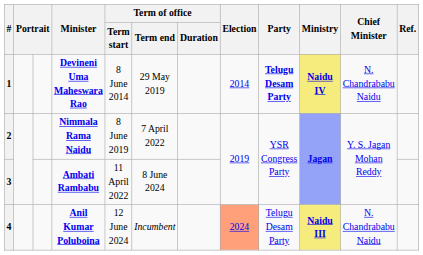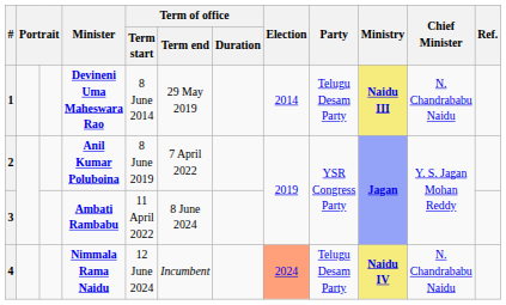 <table class="wikitable" style="line-height:1.4em; text-align:center">
 <tr>
 <th rowspan=2>#</th>
 <th rowspan=2 colspan="2">Portrait</th>
 <th rowspan=2 style="width:16em">Minister<br></th>
 <th colspan="3">Term of office</th>
 <th rowspan=2 style="width:5em">Election<br></th>
 <th rowspan=2 style="width:8em">Party</th>
 <th rowspan=2 style="width:8em">Ministry</th>
 <th rowspan=2 style="width:10em">Chief Minister</th>
 <th rowspan=2>Ref.</th>
 </tr>
 <tr>
 <th>Term start</th>
 <th>Term end</th>
 <th>Duration</th>
 </tr>
 <tr>
 <th>1</th>
 <td></td>
 <td></td>
 <td><strong><a href='#'>Devineni Uma Maheswara Rao</a></strong><br></td>
 <td>8 June 2014</td>
 <td>29 May 2019</td>
 <td><strong></strong></td>
 <td><a href='#'>2014</a><br></td>
-<td><strong><a href='#'>Telugu Desam Party</a></strong></td>
-<td bgcolor="#F5EC7D"><strong><a href='#'>Naidu IV</a></strong></td>
+<td><a href='#'>Telugu Desam Party</a></td>
+<td bgcolor="#F5EC7D"><strong><a href='#'>Naidu III</a></strong></td>
 <td><a href='#'>N. Chandrababu Naidu</a></td>
 <td></td>
 </tr>
 <tr>
 <th>2</th>
 <td rowspan=2></td>
 <td></td>
-<td><strong><a href='#'>Nimmala Rama Naidu</a></strong><br></td>
+<td><strong><a href='#'>Anil Kumar Poluboina</a></strong><br></td>
 <td>8 June 2019</td>
 <td>7 April 2022</td>
 <td><strong></strong></td>
 <td rowspan=2><a href='#'>2019</a><br></td>
 <td rowspan="2"><a href='#'>YSR Congress Party</a></td>
 <td rowspan=2 bgcolor="#94A2F7"><strong><a href='#'>Jagan</a></strong></td>
 <td rowspan="2"><a href='#'>Y. S. Jagan Mohan Reddy</a></td>
 <td></td>
 </tr>
 <tr>
 <th>3</th>
 <td></td>
 <td><strong><a href='#'>Ambati Rambabu</a></strong><br></td>
 <td>11 April 2022</td>
 <td>8 June 2024</td>
 <td><strong></strong></td>
 <td></td>
 </tr>
 <tr>
 <th>4</th>
 <td></td>
 <td></td>
-<td><strong><a href='#'>Anil Kumar Poluboina</a></strong><br></td>
+<td><strong><a href='#'>Nimmala Rama Naidu</a></strong><br></td>
 <td>12 June 2024</td>
 <td><em>Incumbent</em></td>
 <td><strong></strong></td>
 <td style="background: lightsalmon;"><a href='#'>2024</a><br></td>
 <td><a href='#'>Telugu Desam Party</a></td>
-<td bgcolor="#F5EC7D"><strong><a href='#'>Naidu III</a></strong></td>
+<td bgcolor="#F5EC7D"><strong><a href='#'>Naidu IV</a></strong></td>
 <td><a href='#'>N. Chandrababu Naidu</a></td>
 <td></td>
 </tr>
 </table>
